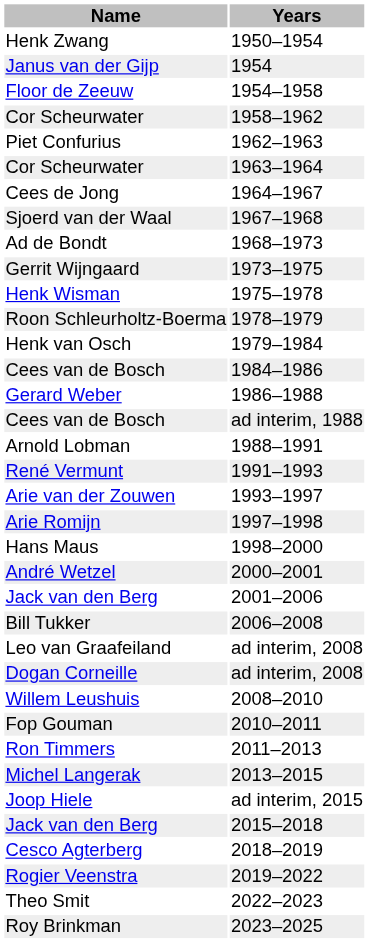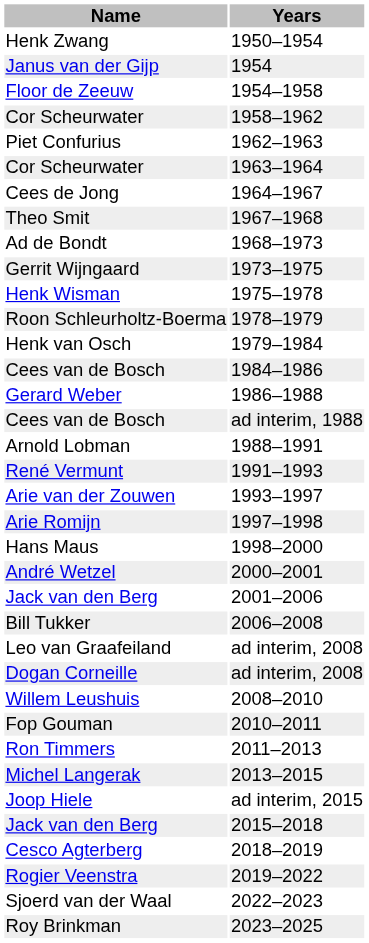 <table class="toccolours">
 <tr>
 <th style="background:silver">Name</th>
 <th style="background:silver">Years</th>
 </tr>
 <tr>
 <td>Henk Zwang</td>
 <td>1950–1954</td>
 </tr>
 <tr style="background:#eeeeee">
 <td><a href='#'>Janus van der Gijp</a></td>
 <td>1954</td>
 </tr>
 <tr>
 <td><a href='#'>Floor de Zeeuw</a></td>
 <td>1954–1958</td>
 </tr>
 <tr style="background:#eeeeee">
 <td>Cor Scheurwater</td>
 <td>1958–1962</td>
 </tr>
 <tr>
 <td>Piet Confurius</td>
 <td>1962–1963</td>
 </tr>
 <tr style="background:#eeeeee">
 <td>Cor Scheurwater</td>
 <td>1963–1964</td>
 </tr>
 <tr>
 <td>Cees de Jong</td>
 <td>1964–1967</td>
 </tr>
 <tr style="background:#eeeeee">
-<td>Sjoerd van der Waal</td>
+<td>Theo Smit</td>
 <td>1967–1968<br></td>
 </tr>
 <tr>
 <td>Ad de Bondt</td>
 <td>1968–1973</td>
 </tr>
 <tr style="background:#eeeeee">
 <td>Gerrit Wijngaard</td>
 <td>1973–1975</td>
 </tr>
 <tr>
 <td><a href='#'>Henk Wisman</a></td>
 <td>1975–1978</td>
 </tr>
 <tr style="background:#eeeeee">
 <td>Roon Schleurholtz-Boerma</td>
 <td>1978–1979</td>
 </tr>
 <tr>
 <td>Henk van Osch</td>
 <td>1979–1984</td>
 </tr>
 <tr style="background:#eeeeee">
 <td>Cees van de Bosch</td>
 <td>1984–1986</td>
 </tr>
 <tr>
 <td><a href='#'>Gerard Weber</a></td>
 <td>1986–1988</td>
 </tr>
 <tr style="background:#eeeeee">
 <td>Cees van de Bosch</td>
 <td>ad interim, 1988</td>
 </tr>
 <tr>
 <td>Arnold Lobman</td>
 <td>1988–1991</td>
 </tr>
 <tr style="background:#eeeeee">
 <td><a href='#'>René Vermunt</a></td>
 <td>1991–1993</td>
 </tr>
 <tr>
 <td><a href='#'>Arie van der Zouwen</a></td>
 <td>1993–1997</td>
 </tr>
 <tr style="background:#eeeeee">
 <td><a href='#'>Arie Romijn</a></td>
 <td>1997–1998</td>
 </tr>
 <tr>
 <td>Hans Maus</td>
 <td>1998–2000</td>
 </tr>
 <tr style="background:#eeeeee">
 <td><a href='#'>André Wetzel</a></td>
 <td>2000–2001</td>
 </tr>
 <tr>
 <td><a href='#'>Jack van den Berg</a></td>
 <td>2001–2006</td>
 </tr>
 <tr style="background:#eeeeee">
 <td>Bill Tukker</td>
 <td>2006–2008</td>
 </tr>
 <tr>
 <td>Leo van Graafeiland</td>
 <td>ad interim, 2008</td>
 </tr>
 <tr style="background:#eeeeee">
 <td><a href='#'>Dogan Corneille</a></td>
 <td>ad interim, 2008</td>
 </tr>
 <tr>
 <td><a href='#'>Willem Leushuis</a></td>
 <td>2008–2010</td>
 </tr>
 <tr style="background:#eeeeee">
 <td>Fop Gouman</td>
 <td>2010–2011</td>
 </tr>
 <tr>
 <td><a href='#'>Ron Timmers</a></td>
 <td>2011–2013</td>
 </tr>
 <tr style="background:#eeeeee">
 <td><a href='#'>Michel Langerak</a></td>
 <td>2013–2015</td>
 </tr>
 <tr>
 <td><a href='#'>Joop Hiele</a></td>
 <td>ad interim, 2015</td>
 </tr>
 <tr style="background:#eeeeee">
 <td><a href='#'>Jack van den Berg</a></td>
 <td>2015–2018</td>
 </tr>
 <tr>
 <td><a href='#'>Cesco Agterberg</a></td>
 <td>2018–2019</td>
 </tr>
 <tr style="background:#eeeeee">
 <td><a href='#'>Rogier Veenstra</a></td>
 <td>2019–2022</td>
 </tr>
 <tr>
-<td>Theo Smit</td>
+<td>Sjoerd van der Waal</td>
 <td>2022–2023</td>
 </tr>
 <tr style="background:#eeeeee">
 <td>Roy Brinkman</td>
 <td>2023–2025</td>
 </tr>
 </table>
